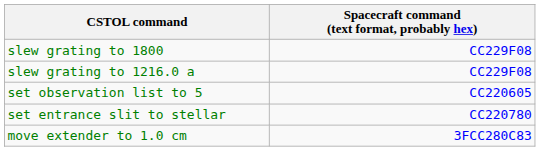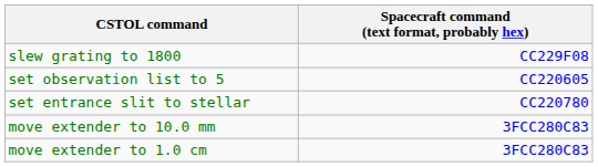 <table class="wikitable" style="align: center; text-align: left;">
 <tr>
 <th style="width:20em;">CSTOL command</th>
 <th style="width:20em;">Spacecraft command <br>(text format, probably <a href='#'>hex</a>)</th>
 </tr>
 <tr style="font-family: monospace, Courier;">
 <td style="color: green">slew grating to 1800</td>
-<td style="color: blue; text-align: right">CC229F08</td>
-</tr>
-<tr style="font-family: monospace, Courier;">
-<td style="color: green">slew grating to 1216.0 a</td>
 <td style="color: blue; text-align: right">CC229F08</td>
 </tr>
 <tr style="font-family: monospace, Courier;">
 <td style="color: green">set observation list to 5</td>
 <td style="color: blue; text-align: right">CC220605</td>
 </tr>
 <tr style="font-family: monospace, Courier;">
 <td style="color: green">set entrance slit to stellar</td>
 <td style="color: blue; text-align: right">CC220780</td>
 </tr>
 <tr style="font-family: monospace, Courier;">
+<td style="color: green">move extender to 10.0 mm</td>
+<td style="color: blue; text-align: right">3FCC280C83</td>
+</tr>
+<tr style="font-family: monospace, Courier;">
 <td style="color: green">move extender to 1.0 cm</td>
 <td style="color: blue; text-align: right">3FCC280C83</td>
 </tr>
 </table>
